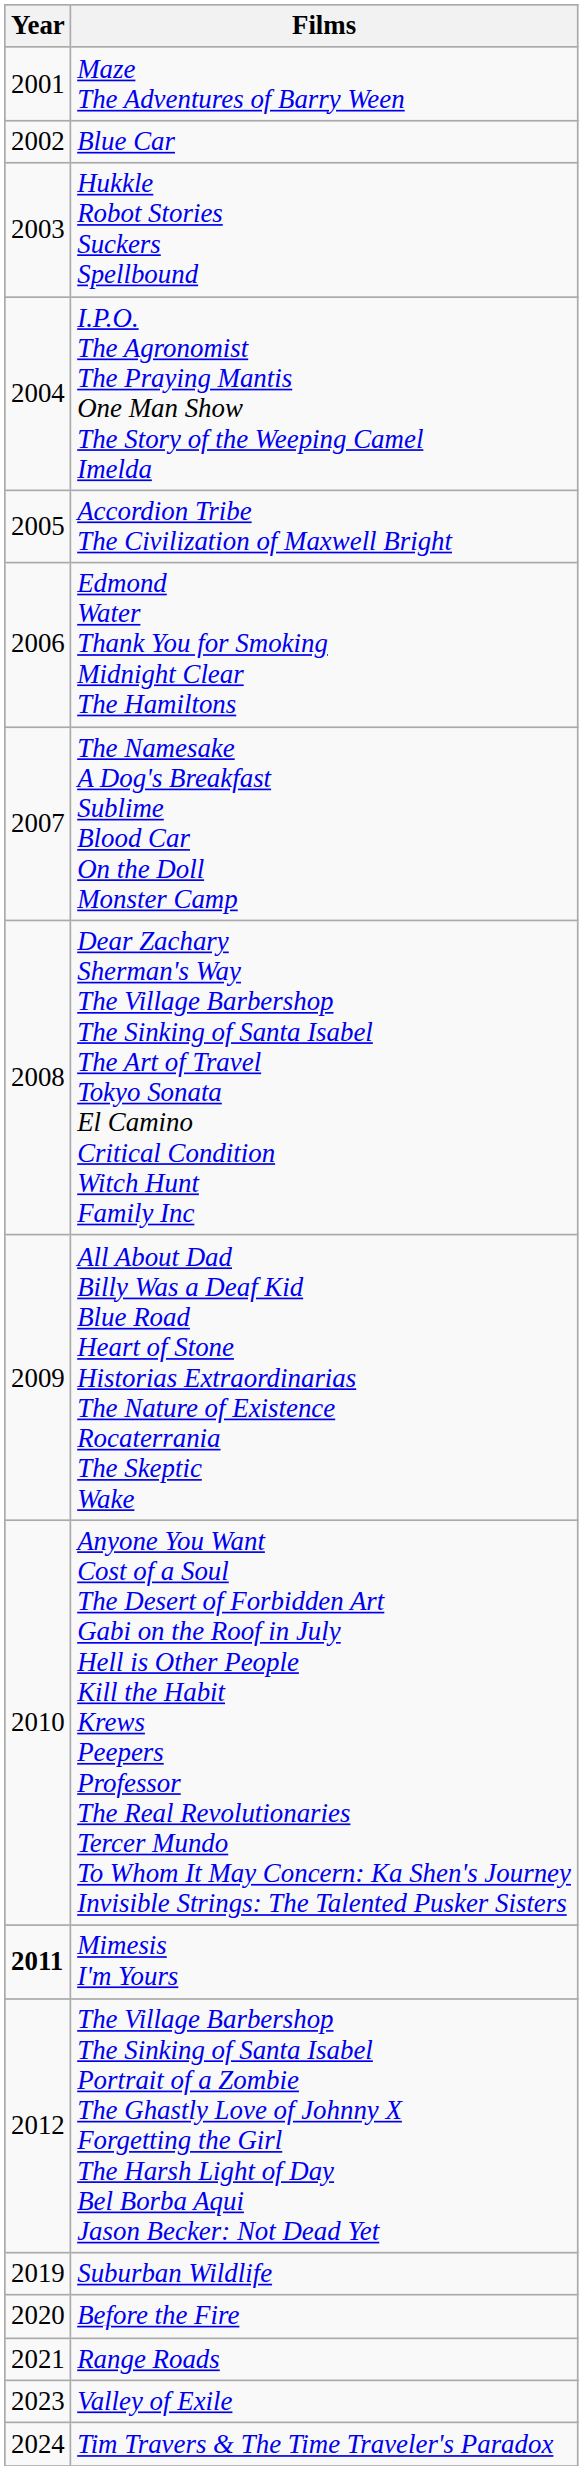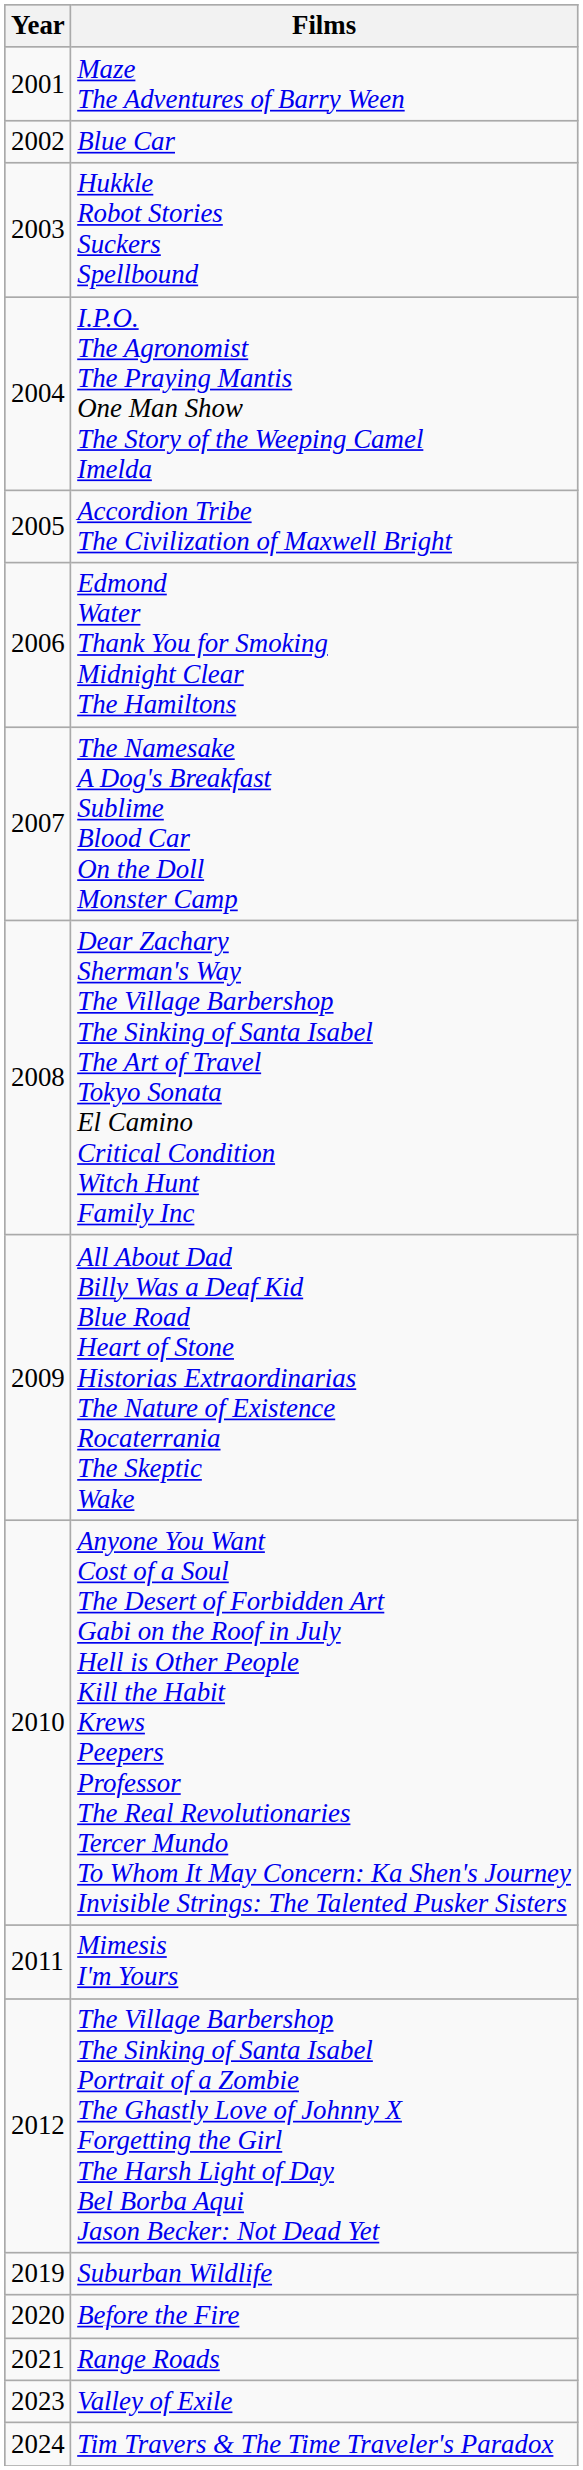 <table class="wikitable">
 <tr>
 <th>Year</th>
 <th>Films</th>
 </tr>
 <tr>
 <td>2001</td>
 <td><em><a href='#'>Maze</a></em><br><em><a href='#'>The Adventures of Barry Ween</a></em></td>
 </tr>
 <tr>
 <td>2002</td>
 <td><em><a href='#'>Blue Car</a></em></td>
 </tr>
 <tr>
 <td>2003</td>
 <td><em><a href='#'>Hukkle</a></em><br><em><a href='#'>Robot Stories</a></em><br><em><a href='#'>Suckers</a></em><br><em><a href='#'>Spellbound</a></em></td>
 </tr>
 <tr>
 <td>2004</td>
 <td><em><a href='#'>I.P.O.</a></em><br><em><a href='#'>The Agronomist</a></em><br><em><a href='#'>The Praying Mantis</a></em><br><em>One Man Show</em><br><em><a href='#'>The Story of the Weeping Camel</a></em><br><em><a href='#'>Imelda</a></em></td>
 </tr>
 <tr>
 <td>2005</td>
 <td><em><a href='#'>Accordion Tribe</a></em><br><em><a href='#'>The Civilization of Maxwell Bright</a></em></td>
 </tr>
 <tr>
 <td>2006</td>
 <td><em><a href='#'>Edmond</a></em><br><em><a href='#'>Water</a></em><br><em><a href='#'>Thank You for Smoking</a></em><br><em><a href='#'>Midnight Clear</a></em><br><em><a href='#'>The Hamiltons</a></em></td>
 </tr>
 <tr>
 <td>2007</td>
 <td><em><a href='#'>The Namesake</a></em><br><em><a href='#'>A Dog's Breakfast</a></em><br><em><a href='#'>Sublime</a></em><br><em><a href='#'>Blood Car</a></em><br><em><a href='#'>On the Doll</a></em><br><em><a href='#'>Monster Camp</a></em></td>
 </tr>
 <tr>
 <td>2008</td>
 <td><em><a href='#'>Dear Zachary</a></em><br><em><a href='#'>Sherman's Way</a></em><br><em><a href='#'>The Village Barbershop</a></em><br><em><a href='#'>The Sinking of Santa Isabel</a></em><br><em><a href='#'>The Art of Travel</a></em><br><em><a href='#'>Tokyo Sonata</a></em><br><em>El Camino</em><br><em><a href='#'>Critical Condition</a></em><br><em><a href='#'>Witch Hunt</a></em><br><em><a href='#'>Family Inc</a></em></td>
 </tr>
 <tr>
 <td>2009</td>
 <td><em><a href='#'>All About Dad</a></em><br><em><a href='#'>Billy Was a Deaf Kid</a></em><br><em><a href='#'>Blue Road</a></em><br><em><a href='#'>Heart of Stone</a></em><br><em><a href='#'>Historias Extraordinarias</a></em><br><em><a href='#'>The Nature of Existence</a></em><br><em><a href='#'>Rocaterrania</a></em><br><em><a href='#'>The Skeptic</a></em><br><em><a href='#'>Wake</a></em></td>
 </tr>
 <tr>
 <td>2010</td>
 <td><em><a href='#'>Anyone You Want</a></em><br><em><a href='#'>Cost of a Soul</a></em><br><em><a href='#'>The Desert of Forbidden Art</a></em><br><em><a href='#'>Gabi on the Roof in July</a></em><br><em><a href='#'>Hell is Other People</a></em><br><em><a href='#'>Kill the Habit</a></em><br><em><a href='#'>Krews</a></em><br><em><a href='#'>Peepers</a></em><br><em><a href='#'>Professor</a></em><br><em><a href='#'>The Real Revolutionaries</a></em><br><em><a href='#'>Tercer Mundo</a></em><br><em><a href='#'>To Whom It May Concern: Ka Shen's Journey</a></em><br><em><a href='#'>Invisible Strings: The Talented Pusker Sisters</a></em></td>
 </tr>
 <tr>
-<td><strong>2011</strong></td>
+<td>2011</td>
 <td><em><a href='#'>Mimesis</a></em><br><em><a href='#'>I'm Yours</a></em></td>
 </tr>
 <tr>
 <td>2012</td>
 <td><em><a href='#'>The Village Barbershop</a></em><br><em><a href='#'>The Sinking of Santa Isabel</a></em><br><em><a href='#'>Portrait of a Zombie</a></em><br><em><a href='#'>The Ghastly Love of Johnny X</a></em><br><em><a href='#'>Forgetting the Girl</a></em><br><em><a href='#'>The Harsh Light of Day</a></em><br><em><a href='#'>Bel Borba Aqui</a></em><br><em><a href='#'>Jason Becker: Not Dead Yet</a></em></td>
 </tr>
 <tr>
 <td>2019</td>
 <td><em><a href='#'>Suburban Wildlife</a></em></td>
 </tr>
 <tr>
 <td>2020</td>
 <td><em><a href='#'>Before the Fire</a></em></td>
 </tr>
 <tr>
 <td>2021</td>
 <td><em><a href='#'>Range Roads</a></em></td>
 </tr>
 <tr>
 <td>2023</td>
 <td><em><a href='#'>Valley of Exile</a></em></td>
 </tr>
 <tr>
 <td>2024</td>
 <td><em><a href='#'>Tim Travers & The Time Traveler's Paradox</a></em></td>
 </tr>
 </table>
